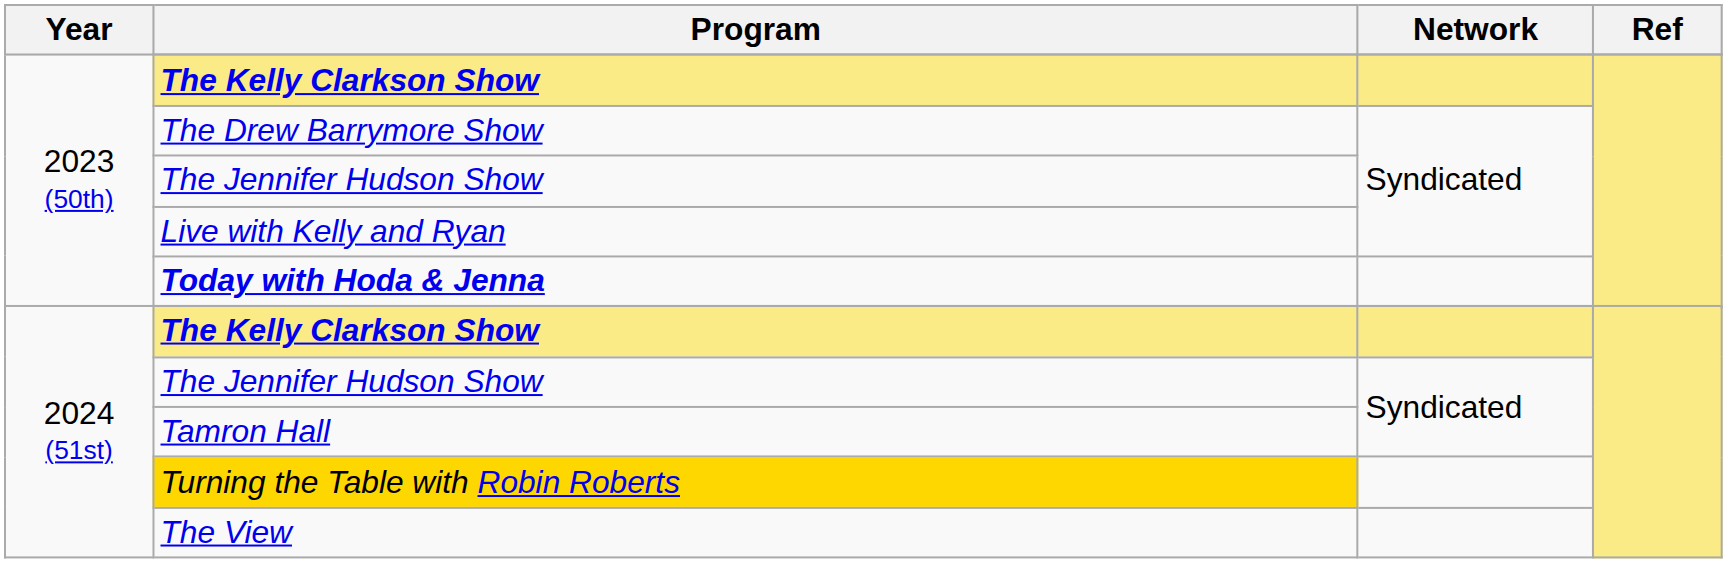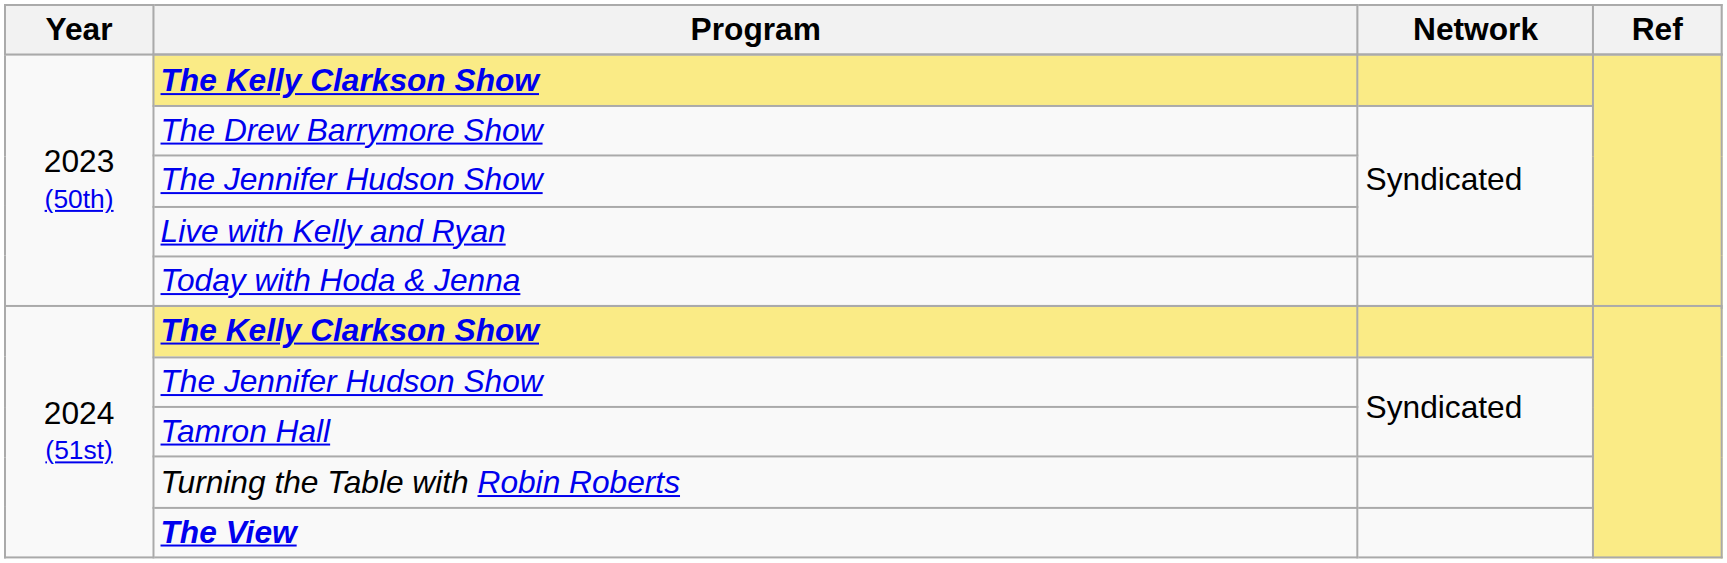 <table class="wikitable">
 <tr style="background:#bebebe;">
 <th style="width:1%;">Year</th>
 <th style="width:15%;">Program</th>
 <th style="width:1%;">Network</th>
 <th style="width:1%;">Ref</th>
 </tr>
 <tr>
 <td rowspan=6 style="text-align:center">2023 <br><small><a href='#'>(50th)</a></small></td>
 </tr>
 <tr style="background:#FAEB86">
 <td><strong><em><a href='#'>The Kelly Clarkson Show</a></em></strong></td>
 <td style="background:#FAEB86"></td>
 <td rowspan=6></td>
 </tr>
 <tr>
 <td><em><a href='#'>The Drew Barrymore Show</a></em></td>
 <td rowspan=3>Syndicated</td>
 </tr>
 <tr>
 <td><em><a href='#'>The Jennifer Hudson Show</a></em></td>
 </tr>
 <tr>
 <td><em><a href='#'>Live with Kelly and Ryan</a></em></td>
 </tr>
 <tr>
-<td><strong><em><a href='#'>Today with Hoda & Jenna</a></em></strong></td>
+<td><em><a href='#'>Today with Hoda & Jenna</a></em></td>
 <td></td>
 </tr>
 <tr>
 <td rowspan=6 style="text-align:center">2024 <br><small><a href='#'>(51st)</a></small></td>
 </tr>
 <tr style="background:#FAEB86">
 <td><strong><em><a href='#'>The Kelly Clarkson Show</a></em></strong></td>
 <td style="background:#FAEB86"></td>
 <td rowspan=5></td>
 </tr>
 <tr>
 <td><em><a href='#'>The Jennifer Hudson Show</a></em></td>
 <td rowspan=2>Syndicated</td>
 </tr>
 <tr>
 <td><em><a href='#'>Tamron Hall</a></em></td>
 </tr>
 <tr>
-<td style="background: gold;"><em>Turning the Table with <a href='#'>Robin Roberts</a></em></td>
+<td><em>Turning the Table with <a href='#'>Robin Roberts</a></em></td>
 <td></td>
 </tr>
 <tr>
-<td><em><a href='#'>The View</a></em></td>
+<td><strong><em><a href='#'>The View</a></em></strong></td>
 <td></td>
 </tr>
 </table>
